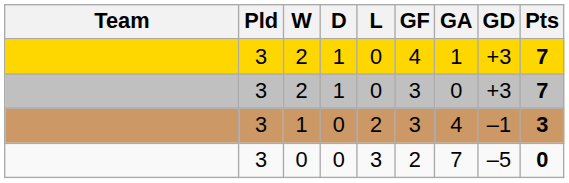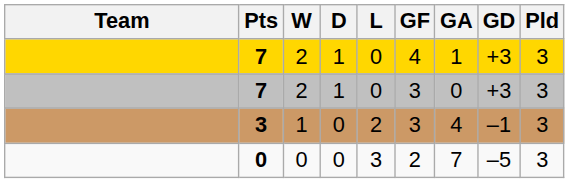 <table class="wikitable" style="text-align: center;">
 <tr>
 <th width=165>Team</th>
-<th width=20>Pld</th>
+<th width=20>Pts</th>
 <th width=20>W</th>
 <th width=20>D</th>
 <th width=20>L</th>
 <th width=20>GF</th>
 <th width=20>GA</th>
 <th width=20>GD</th>
-<th width=20>Pts</th>
+<th width=20>Pld</th>
 </tr>
 <tr bgcolor=gold>
 <td style="text-align:left;"></td>
-<td>3</td>
+<td><strong>7</strong></td>
 <td>2</td>
 <td>1</td>
 <td>0</td>
 <td>4</td>
 <td>1</td>
 <td>+3</td>
-<td><strong>7</strong></td>
+<td>3</td>
 </tr>
 <tr bgcolor=silver>
 <td style="text-align:left;"></td>
-<td>3</td>
+<td><strong>7</strong></td>
 <td>2</td>
 <td>1</td>
 <td>0</td>
 <td>3</td>
 <td>0</td>
 <td>+3</td>
-<td><strong>7</strong></td>
+<td>3</td>
 </tr>
 <tr bgcolor="#cc9966">
 <td style="text-align:left;"></td>
-<td>3</td>
+<td><strong>3</strong></td>
 <td>1</td>
 <td>0</td>
 <td>2</td>
 <td>3</td>
 <td>4</td>
 <td>–1</td>
-<td><strong>3</strong></td>
+<td>3</td>
 </tr>
 <tr>
 <td style="text-align:left;"></td>
-<td>3</td>
+<td><strong>0</strong></td>
 <td>0</td>
 <td>0</td>
 <td>3</td>
 <td>2</td>
 <td>7</td>
 <td>–5</td>
-<td><strong>0</strong></td>
+<td>3</td>
 </tr>
 </table>
